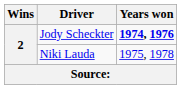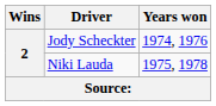 <table class="wikitable" style="font-size: 95%;">
 <tr>
 <th>Wins</th>
 <th>Driver</th>
 <th>Years won</th>
 </tr>
 <tr>
 <th rowspan="2">2</th>
 <td> <a href='#'>Jody Scheckter</a></td>
-<td><strong><a href='#'>1974</a>, <a href='#'>1976</a></strong></td>
+<td><a href='#'>1974</a>, <a href='#'>1976</a></td>
 </tr>
 <tr>
 <td> <a href='#'>Niki Lauda</a></td>
 <td><a href='#'>1975</a>, <a href='#'>1978</a></td>
 </tr>
 <tr>
 <th colspan=3>Source:</th>
 </tr>
 </table>
